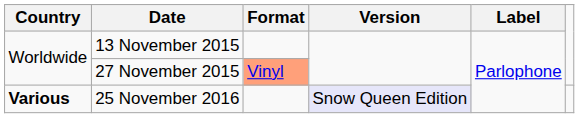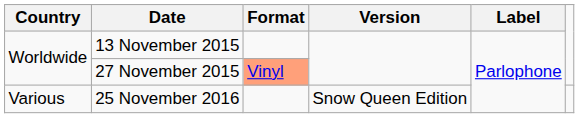 <table class="wikitable">
 <tr>
 <th>Country</th>
 <th>Date</th>
 <th>Format</th>
 <th>Version</th>
 <th>Label</th>
 </tr>
 <tr>
 <td rowspan="2">Worldwide</td>
 <td>13 November 2015</td>
 <td></td>
 <td rowspan="2"></td>
 <td rowspan="3"><a href='#'>Parlophone</a></td>
 </tr>
 <tr>
 <td>27 November 2015</td>
 <td style="background: lightsalmon;"><a href='#'>Vinyl</a></td>
 </tr>
 <tr>
-<td><strong>Various</strong></td>
+<td>Various</td>
 <td>25 November 2016</td>
 <td></td>
-<td style="background: lavender;">Snow Queen Edition</td>
+<td>Snow Queen Edition</td>
 <td></td>
 </tr>
 </table>
